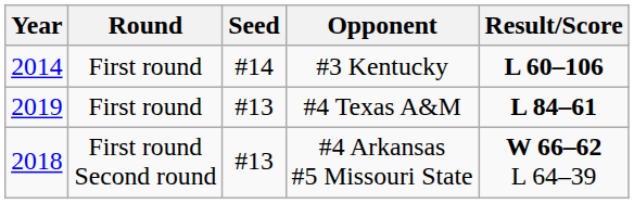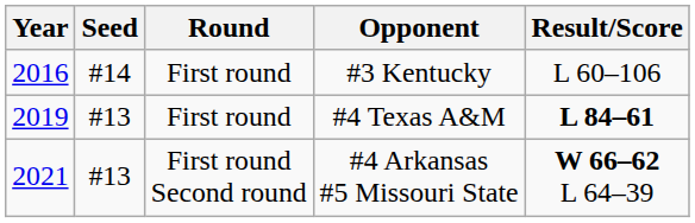 <table class="wikitable" style="text-align:center;">
 <tr>
 <th>Year</th>
+<th>Seed</th>
 <th>Round</th>
-<th>Seed</th>
 <th>Opponent</th>
 <th>Result/Score</th>
 </tr>
 <tr>
-<td><a href='#'>2014</a></td>
+<td><a href='#'>2016</a></td>
+<td>#14</td>
 <td>First round</td>
-<td>#14</td>
 <td>#3 Kentucky</td>
-<td><strong>L 60–106</strong></td>
+<td>L 60–106</td>
 </tr>
 <tr>
 <td><a href='#'>2019</a></td>
+<td>#13</td>
 <td>First round</td>
-<td>#13</td>
 <td>#4 Texas A&M</td>
 <td><strong>L 84–61</strong></td>
 </tr>
 <tr>
-<td><a href='#'>2018</a></td>
+<td><a href='#'>2021</a></td>
+<td>#13</td>
 <td>First round<br>Second round</td>
-<td>#13</td>
 <td>#4 Arkansas<br>#5 Missouri State</td>
 <td><strong>W 66–62</strong><br>L 64–39</td>
 </tr>
 </table>
